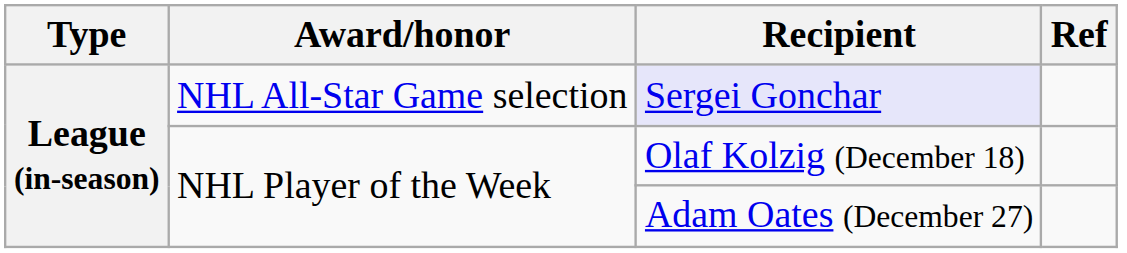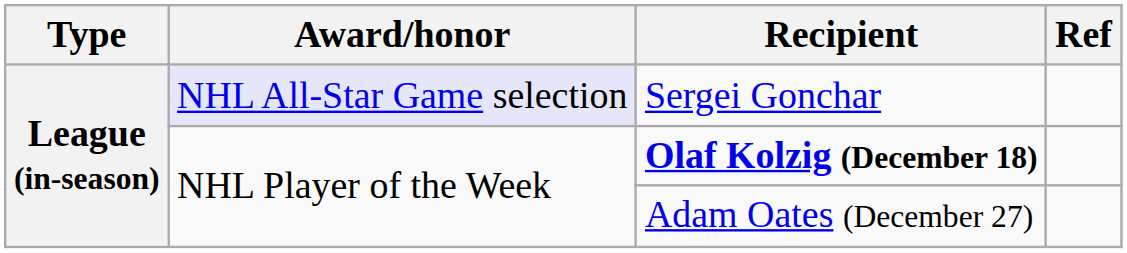 <table class="wikitable">
 <tr>
 <th scope="col">Type</th>
 <th scope="col">Award/honor</th>
 <th scope="col">Recipient</th>
 <th scope="col">Ref</th>
 </tr>
 <tr>
 <th scope="row" rowspan="3">League<br><small>(in-season)</small></th>
-<td><a href='#'>NHL All-Star Game</a> selection</td>
-<td style="background: lavender;"><a href='#'>Sergei Gonchar</a></td>
+<td style="background: lavender;"><a href='#'>NHL All-Star Game</a> selection</td>
+<td><a href='#'>Sergei Gonchar</a></td>
 <td></td>
 </tr>
 <tr>
 <td rowspan="2">NHL Player of the Week</td>
-<td><a href='#'>Olaf Kolzig</a> <small>(December 18)</small></td>
+<td><strong><a href='#'>Olaf Kolzig</a> <small>(December 18)</small></strong></td>
 <td></td>
 </tr>
 <tr>
 <td><a href='#'>Adam Oates</a> <small>(December 27)</small></td>
 <td></td>
 </tr>
 </table>
